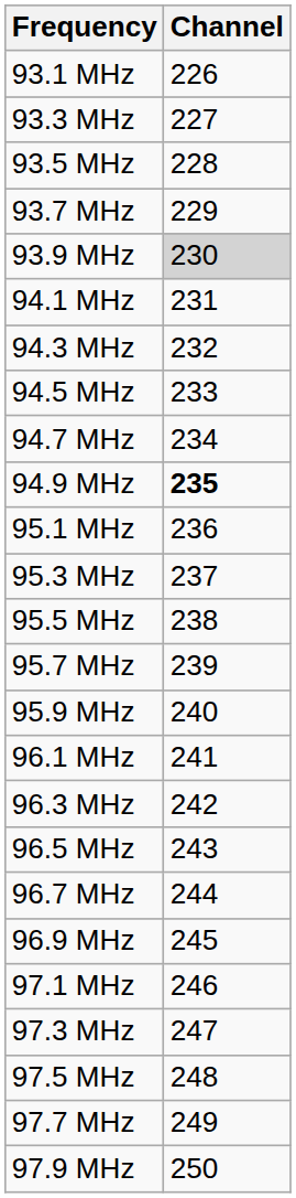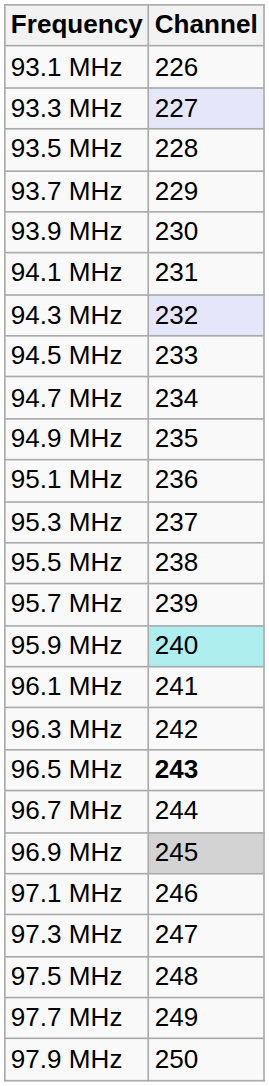 <table class="wikitable" style="display:inline-table">
 <tr>
 <th>Frequency</th>
 <th>Channel</th>
 </tr>
 <tr>
 <td>93.1 MHz</td>
 <td>226</td>
 </tr>
 <tr>
 <td>93.3 MHz</td>
-<td>227</td>
+<td style="background: lavender;">227</td>
 </tr>
 <tr>
 <td>93.5 MHz</td>
 <td>228</td>
 </tr>
 <tr>
 <td>93.7 MHz</td>
 <td>229</td>
 </tr>
 <tr>
 <td>93.9 MHz</td>
-<td style="background: lightgrey;">230</td>
+<td>230</td>
 </tr>
 <tr>
 <td>94.1 MHz</td>
 <td>231</td>
 </tr>
 <tr>
 <td>94.3 MHz</td>
-<td>232</td>
+<td style="background: lavender;">232</td>
 </tr>
 <tr>
 <td>94.5 MHz</td>
 <td>233</td>
 </tr>
 <tr>
 <td>94.7 MHz</td>
 <td>234</td>
 </tr>
 <tr>
 <td>94.9 MHz</td>
-<td><strong>235</strong></td>
+<td>235</td>
 </tr>
 <tr>
 <td>95.1 MHz</td>
 <td>236</td>
 </tr>
 <tr>
 <td>95.3 MHz</td>
 <td>237</td>
 </tr>
 <tr>
 <td>95.5 MHz</td>
 <td>238</td>
 </tr>
 <tr>
 <td>95.7 MHz</td>
 <td>239</td>
 </tr>
 <tr>
 <td>95.9 MHz</td>
-<td>240</td>
+<td style="background: paleturquoise;">240</td>
 </tr>
 <tr>
 <td>96.1 MHz</td>
 <td>241</td>
 </tr>
 <tr>
 <td>96.3 MHz</td>
 <td>242</td>
 </tr>
 <tr>
 <td>96.5 MHz</td>
-<td>243</td>
+<td><strong>243</strong></td>
 </tr>
 <tr>
 <td>96.7 MHz</td>
 <td>244</td>
 </tr>
 <tr>
 <td>96.9 MHz</td>
-<td>245</td>
+<td style="background: lightgrey;">245</td>
 </tr>
 <tr>
 <td>97.1 MHz</td>
 <td>246</td>
 </tr>
 <tr>
 <td>97.3 MHz</td>
 <td>247</td>
 </tr>
 <tr>
 <td>97.5 MHz</td>
 <td>248</td>
 </tr>
 <tr>
 <td>97.7 MHz</td>
 <td>249</td>
 </tr>
 <tr>
 <td>97.9 MHz</td>
 <td>250</td>
 </tr>
 </table>
